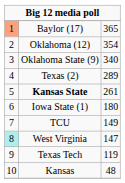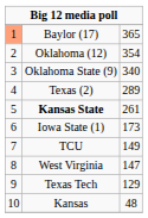 <table class="wikitable" style="display: inline-table;">
 <tr>
 <td align="center" Colspan="3"><strong>Big 12 media poll</strong></td>
 </tr>
 <tr align="center">
 </tr>
 <tr align="center">
 <td style="background: lightsalmon;">1</td>
 <td>Baylor (17)</td>
 <td>365</td>
 </tr>
 <tr align="center">
 <td>2</td>
 <td>Oklahoma (12)</td>
 <td>354</td>
 </tr>
 <tr align="center">
 <td>3</td>
 <td>Oklahoma State (9)</td>
 <td>340</td>
 </tr>
 <tr align="center">
 <td>4</td>
 <td>Texas (2)</td>
 <td>289</td>
 </tr>
 <tr align="center">
 <td>5</td>
 <td><strong>Kansas State</strong></td>
 <td>261</td>
 </tr>
 <tr align="center">
 <td>6</td>
 <td>Iowa State (1)</td>
-<td>180</td>
+<td>173</td>
 </tr>
 <tr align="center">
 <td>7</td>
 <td>TCU</td>
 <td>149</td>
 </tr>
 <tr align="center">
-<td style="background: paleturquoise;">8</td>
+<td>8</td>
 <td>West Virginia</td>
 <td>147</td>
 </tr>
 <tr align="center">
 <td>9</td>
 <td>Texas Tech</td>
-<td>119</td>
+<td>129</td>
 </tr>
 <tr align="center">
 <td>10</td>
 <td>Kansas</td>
 <td>48</td>
 </tr>
 <tr>
 </tr>
 </table>
